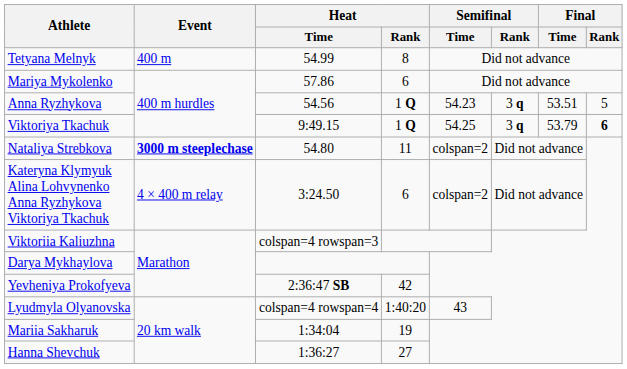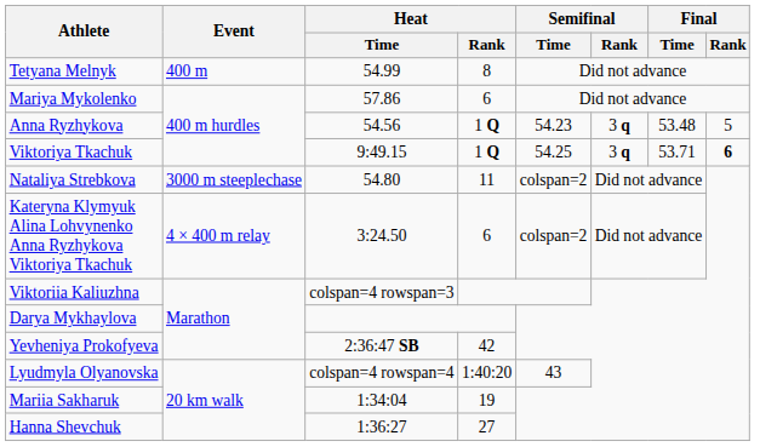 <table class=wikitable style=font-size:90%;text-align:center>
 <tr>
 <th rowspan=2>Athlete</th>
 <th rowspan=2>Event</th>
 <th colspan=2>Heat</th>
 <th colspan=2>Semifinal</th>
 <th colspan=2>Final</th>
 </tr>
 <tr style=font-size:95%>
 <th>Time</th>
 <th>Rank</th>
 <th>Time</th>
 <th>Rank</th>
 <th>Time</th>
 <th>Rank</th>
 </tr>
 <tr>
 <td align=left><a href='#'>Tetyana Melnyk</a></td>
 <td align=left><a href='#'>400 m</a></td>
 <td>54.99</td>
 <td>8</td>
 <td colspan=4>Did not advance</td>
 </tr>
 <tr>
 <td align=left><a href='#'>Mariya Mykolenko</a></td>
 <td align=left rowspan=3><a href='#'>400 m hurdles</a></td>
 <td>57.86</td>
 <td>6</td>
 <td colspan="4">Did not advance</td>
 </tr>
 <tr>
 <td align=left><a href='#'>Anna Ryzhykova</a></td>
 <td>54.56</td>
 <td>1 <strong>Q</strong></td>
 <td>54.23</td>
 <td>3 <strong>q</strong></td>
-<td>53.51</td>
+<td>53.48</td>
 <td>5</td>
 </tr>
 <tr>
 <td align=left><a href='#'>Viktoriya Tkachuk</a></td>
 <td>9:49.15</td>
 <td>1 <strong>Q</strong></td>
 <td>54.25</td>
 <td>3 <strong>q</strong></td>
-<td>53.79</td>
+<td>53.71</td>
 <td><strong>6</strong></td>
 </tr>
 <tr>
 <td align=left><a href='#'>Nataliya Strebkova</a></td>
-<td align=left><strong><a href='#'>3000 m steeplechase</a></strong></td>
+<td align=left><a href='#'>3000 m steeplechase</a></td>
 <td>54.80</td>
 <td>11</td>
 <td>colspan=2 </td>
 <td colspan="2">Did not advance</td>
 </tr>
 <tr>
 <td align=left><a href='#'>Kateryna Klymyuk</a><br><a href='#'>Alina Lohvynenko</a><br><a href='#'>Anna Ryzhykova</a><br><a href='#'>Viktoriya Tkachuk</a></td>
 <td align=left><a href='#'>4 × 400 m relay</a></td>
 <td>3:24.50</td>
 <td>6</td>
 <td>colspan=2 </td>
 <td colspan="2">Did not advance</td>
 </tr>
 <tr>
 <td align=left><a href='#'>Viktoriia Kaliuzhna</a></td>
 <td align=left rowspan=3><a href='#'>Marathon</a></td>
 <td>colspan=4 rowspan=3 </td>
 <td colspan=2></td>
 </tr>
 <tr>
 <td align="left"><a href='#'>Darya Mykhaylova</a></td>
 <td colspan=2></td>
 </tr>
 <tr>
 <td align="left"><a href='#'>Yevheniya Prokofyeva</a></td>
 <td>2:36:47 <strong>SB</strong></td>
 <td>42</td>
 </tr>
 <tr align=center>
 <td align=left><a href='#'>Lyudmyla Olyanovska</a></td>
 <td align=left rowspan=3><a href='#'>20 km walk</a></td>
 <td>colspan=4 rowspan=4 </td>
 <td>1:40:20</td>
 <td>43</td>
 </tr>
 <tr>
 <td align="left"><a href='#'>Mariia Sakharuk</a></td>
 <td>1:34:04</td>
 <td>19</td>
 </tr>
 <tr>
 <td align="left"><a href='#'>Hanna Shevchuk</a></td>
 <td>1:36:27</td>
 <td>27</td>
 </tr>
 </table>
